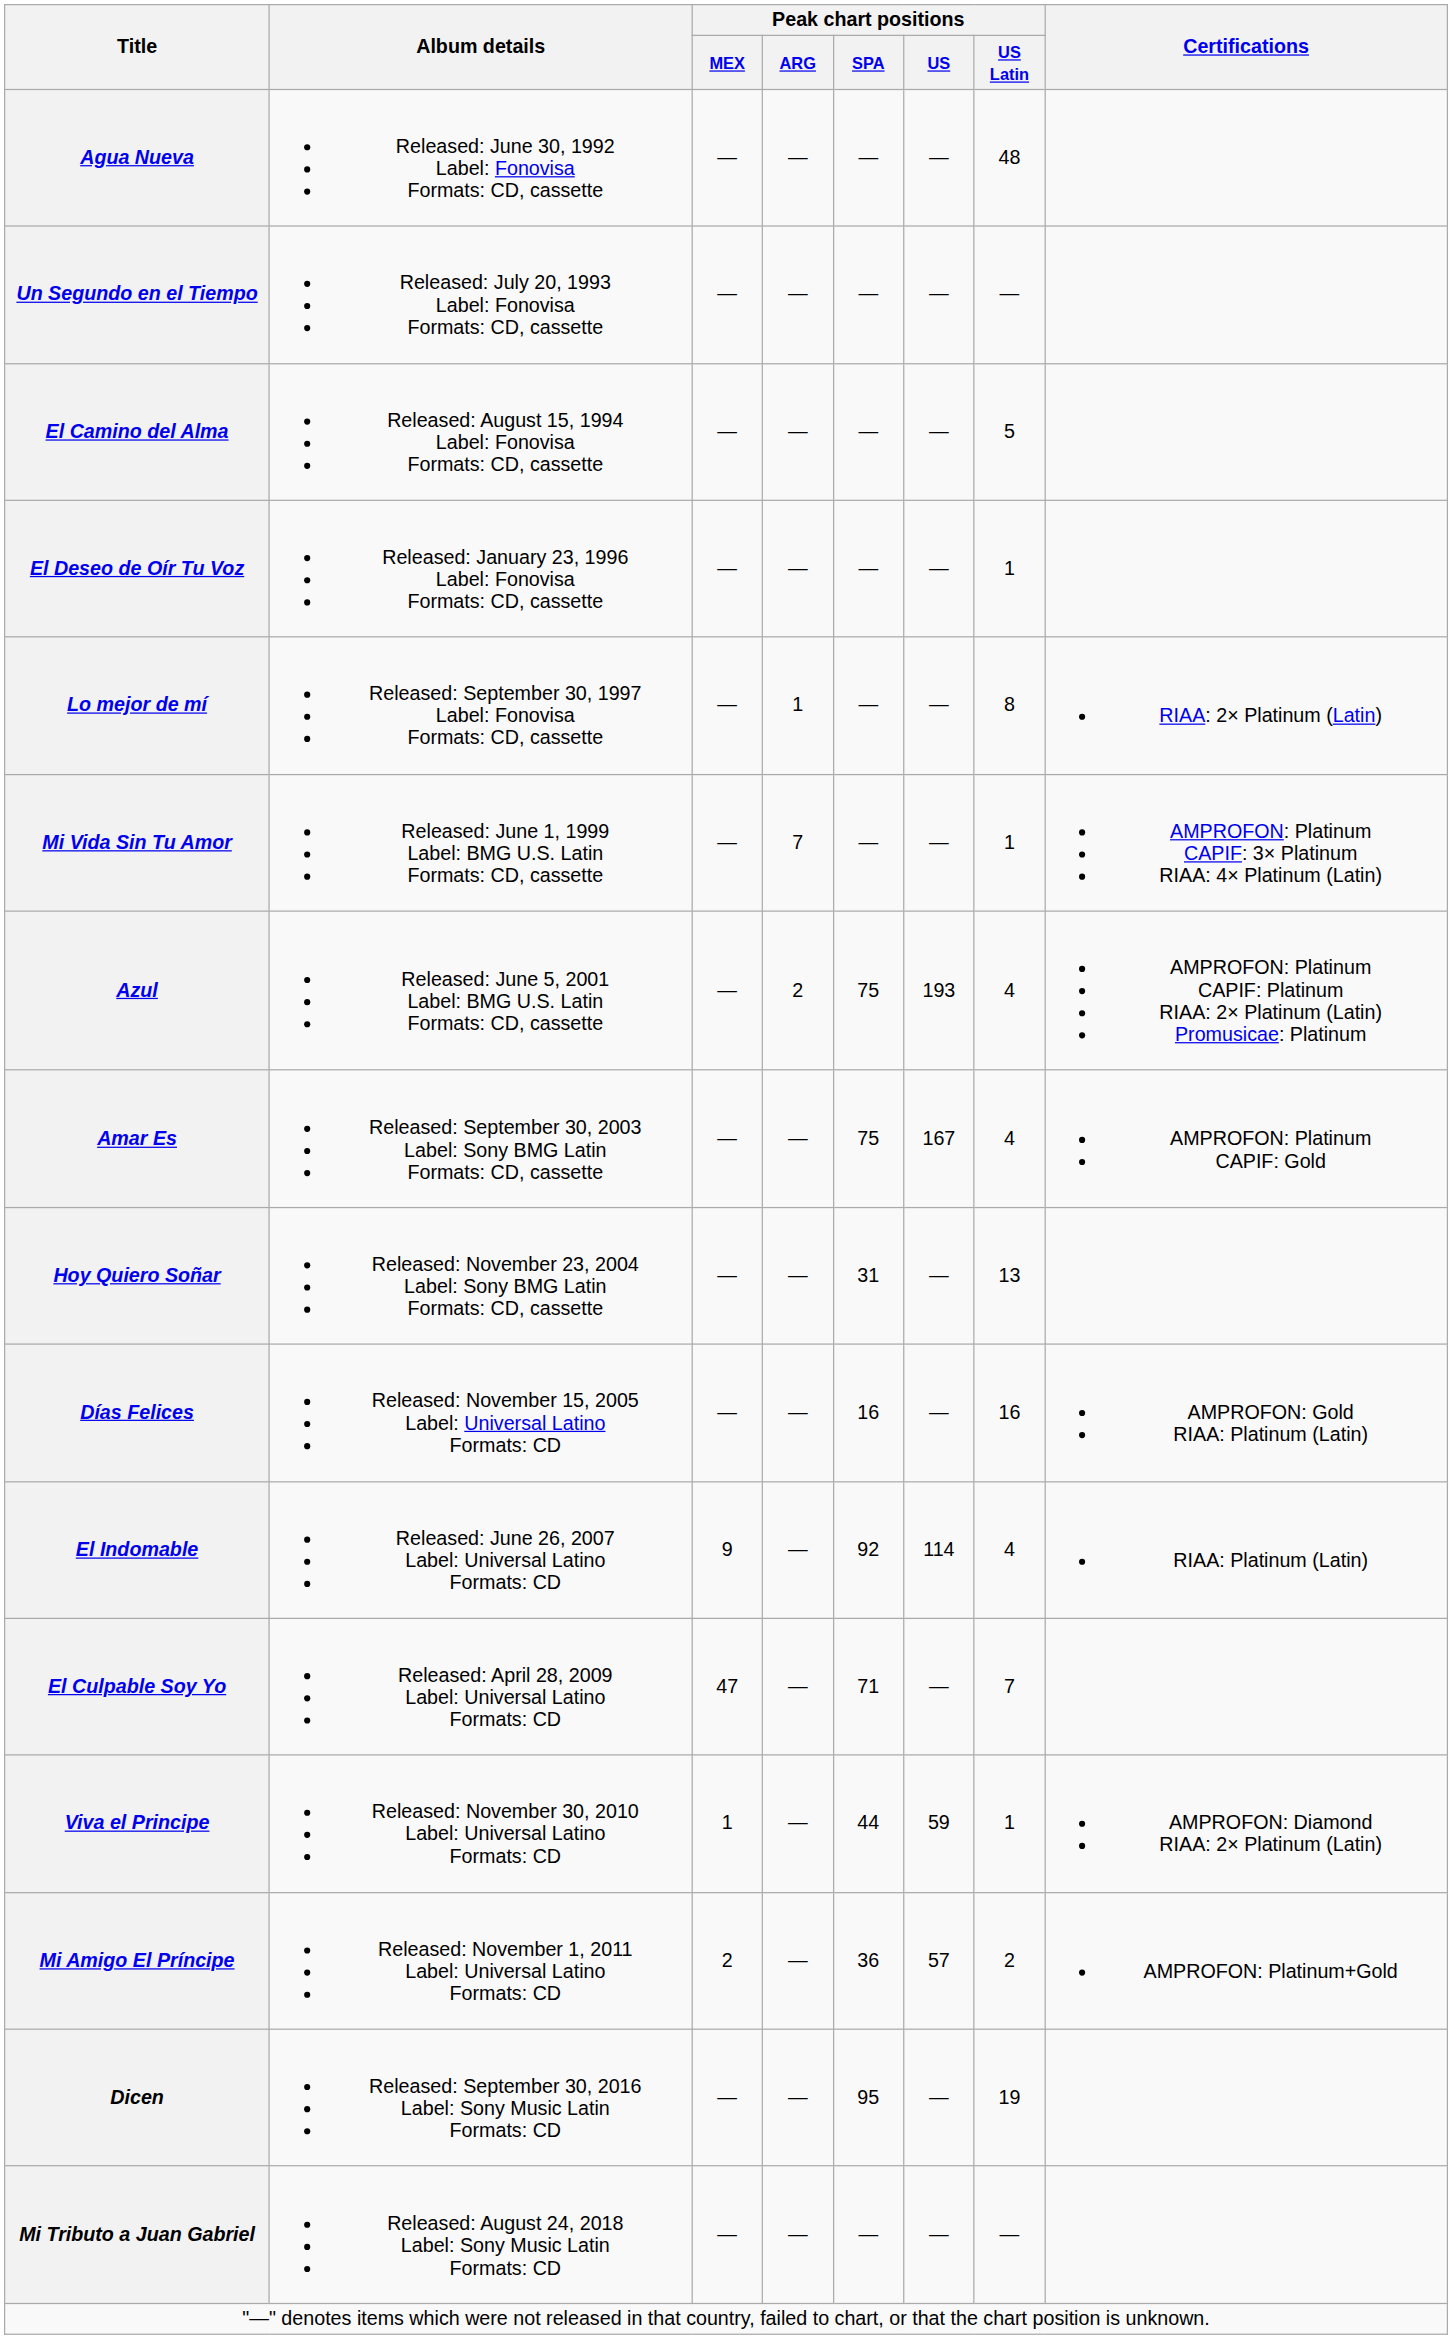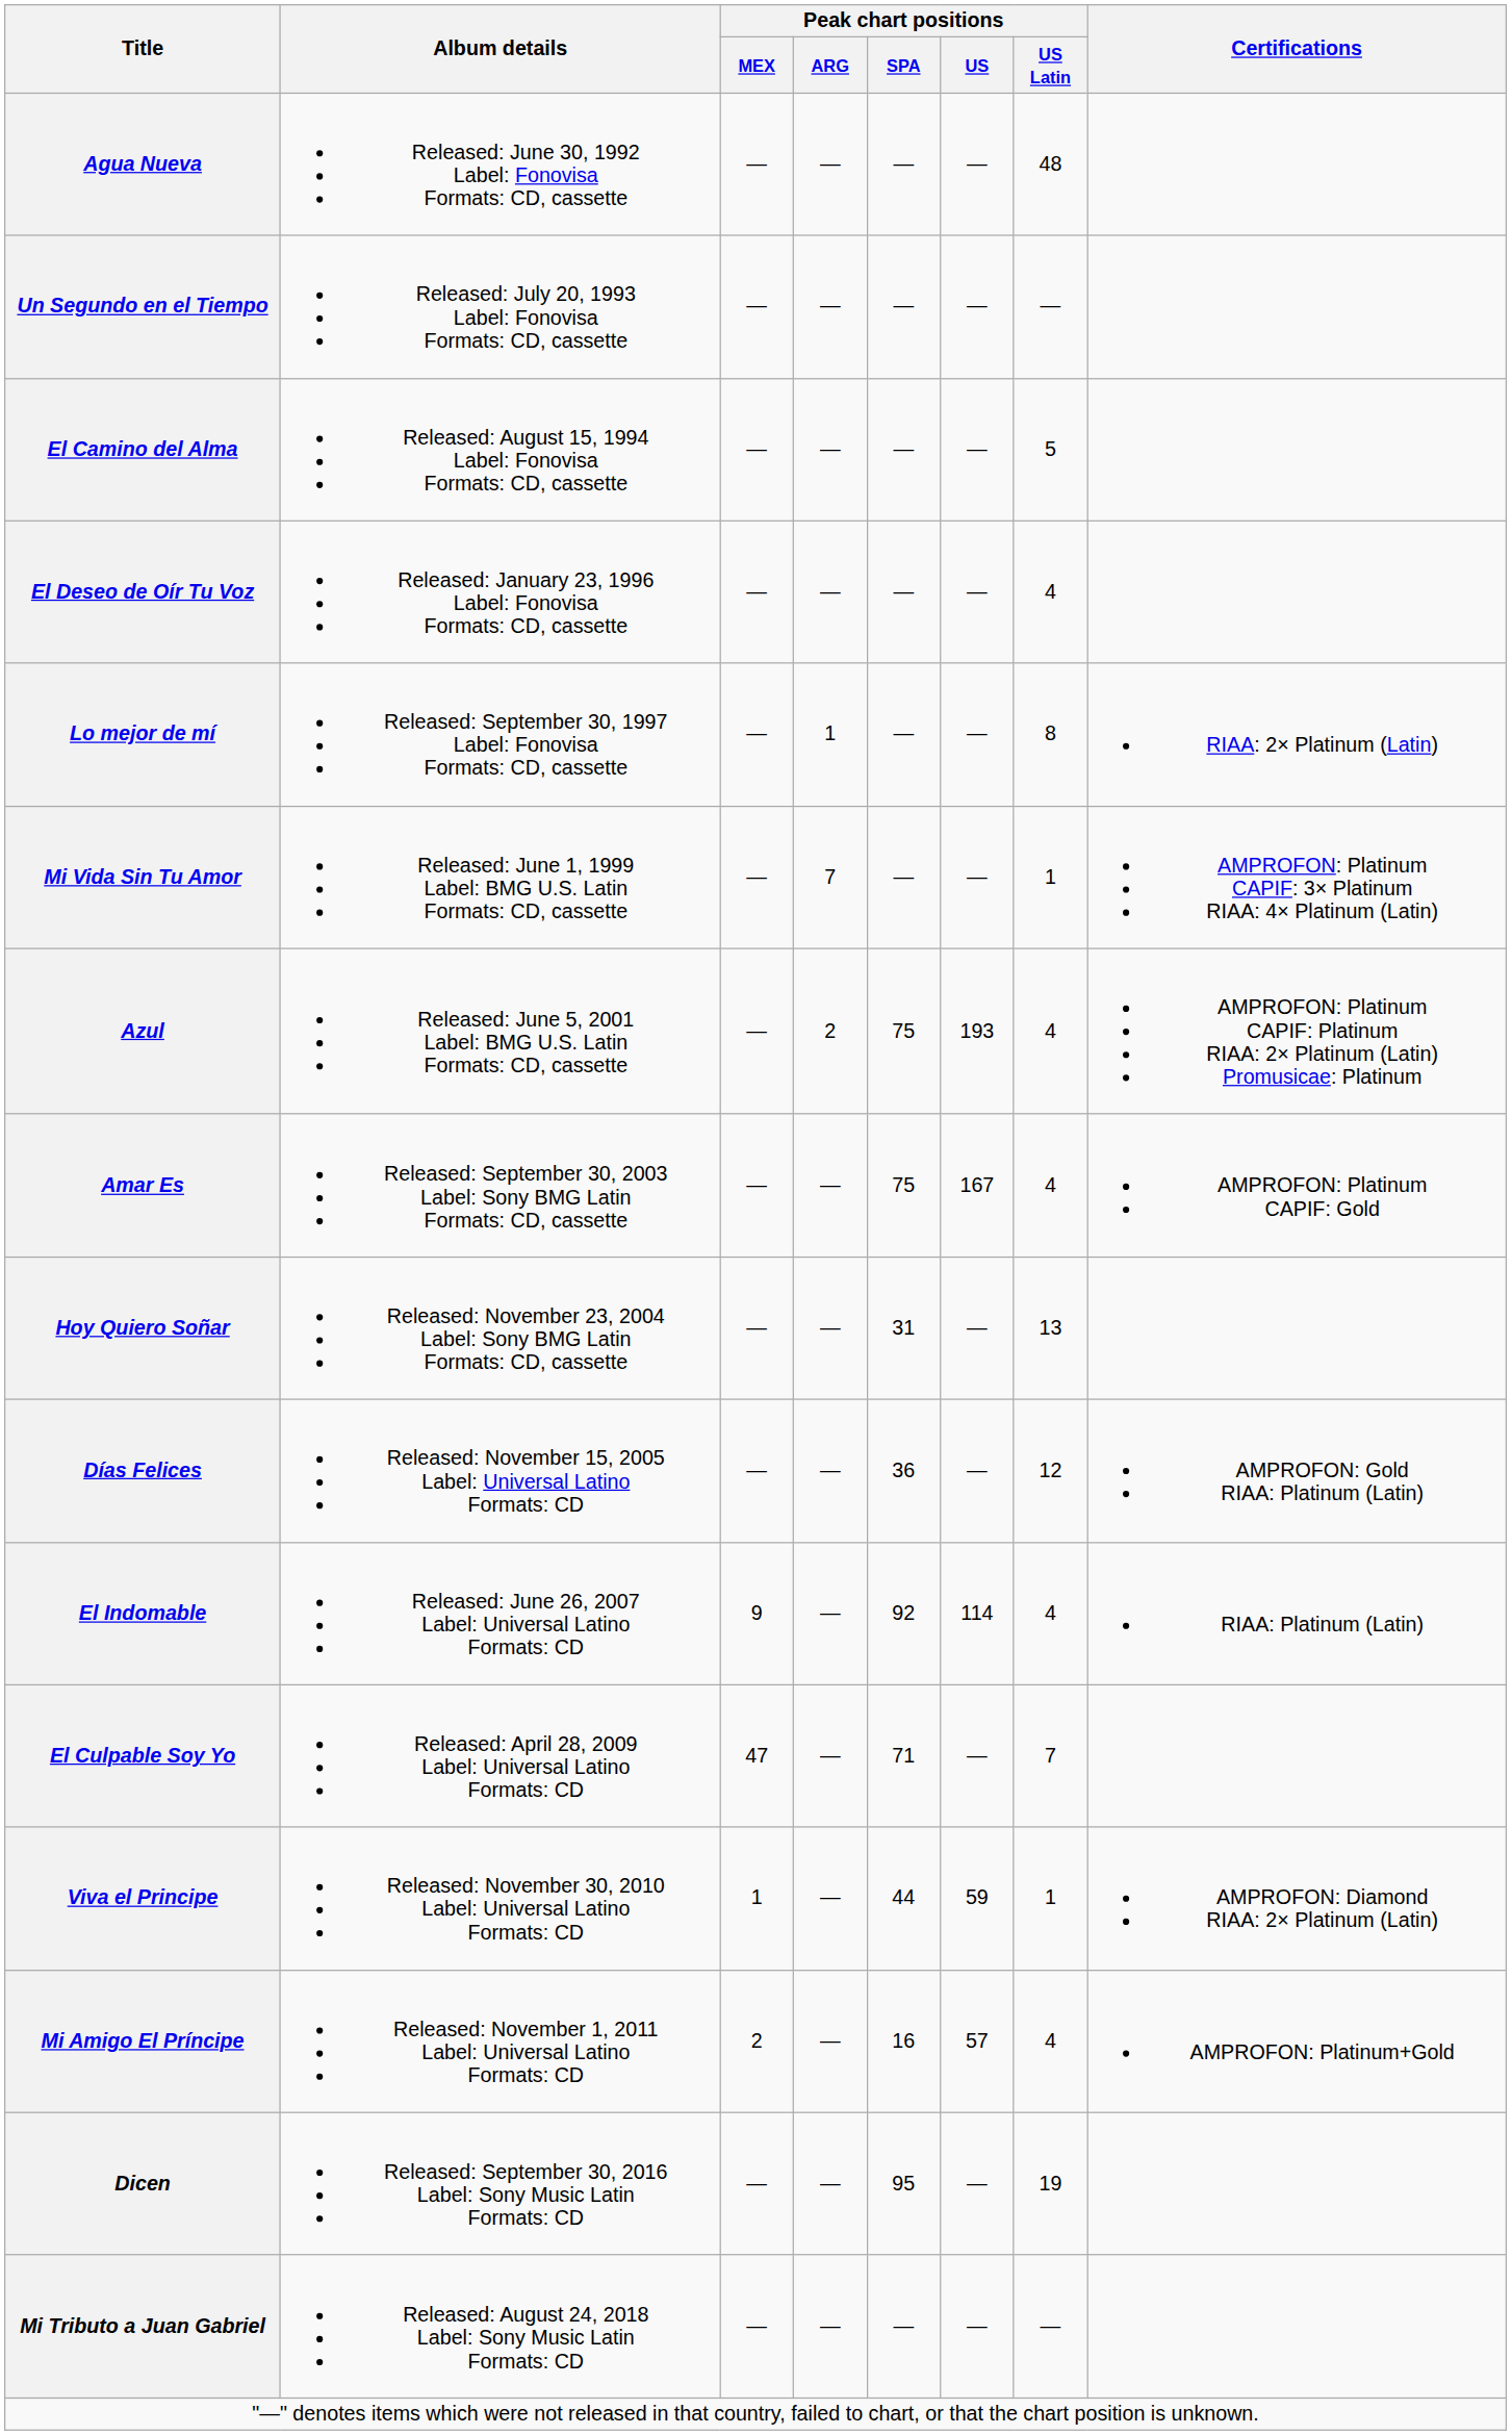 <table class="wikitable plainrowheaders" style="text-align:center;">
 <tr>
 <th scope="col" rowspan="2" style="width:13em;">Title</th>
 <th scope="col" rowspan="2" style="width:21em;">Album details</th>
 <th scope="col" colspan="5"style="width:9em;">Peak chart positions</th>
 <th scope="col" rowspan="2" style="width:20em;"><a href='#'>Certifications</a></th>
 </tr>
 <tr>
 <th width="50"><small><a href='#'>MEX</a></small></th>
 <th width="50"><small><a href='#'>ARG</a></small></th>
 <th width="50"><small><a href='#'>SPA</a></small></th>
 <th width="50"><small><a href='#'>US</a></small></th>
 <th width="50"><small><a href='#'>US Latin</a></small></th>
 </tr>
 <tr>
 <th scope="row"><em><a href='#'>Agua Nueva</a></em></th>
 <td><br><ul><li>Released: June 30, 1992</li><li>Label: <a href='#'>Fonovisa</a></li><li>Formats: CD, cassette</li></ul></td>
 <td>—</td>
 <td>—</td>
 <td>—</td>
 <td>—</td>
 <td>48</td>
 <td></td>
 </tr>
 <tr>
 <th scope="row"><em><a href='#'>Un Segundo en el Tiempo</a></em></th>
 <td><br><ul><li>Released: July 20, 1993</li><li>Label: Fonovisa</li><li>Formats: CD, cassette</li></ul></td>
 <td>—</td>
 <td>—</td>
 <td>—</td>
 <td>—</td>
 <td>—</td>
 <td></td>
 </tr>
 <tr>
 <th scope="row"><em><a href='#'>El Camino del Alma</a></em></th>
 <td><br><ul><li>Released: August 15, 1994</li><li>Label: Fonovisa</li><li>Formats: CD, cassette</li></ul></td>
 <td>—</td>
 <td>—</td>
 <td>—</td>
 <td>—</td>
 <td>5</td>
 <td></td>
 </tr>
 <tr>
 <th scope="row"><em><a href='#'>El Deseo de Oír Tu Voz</a></em></th>
 <td><br><ul><li>Released: January 23, 1996</li><li>Label: Fonovisa</li><li>Formats: CD, cassette</li></ul></td>
 <td>—</td>
 <td>—</td>
 <td>—</td>
 <td>—</td>
-<td>1</td>
+<td>4</td>
 <td></td>
 </tr>
 <tr>
 <th scope="row"><em><a href='#'>Lo mejor de mí</a></em></th>
 <td><br><ul><li>Released: September 30, 1997</li><li>Label: Fonovisa</li><li>Formats: CD, cassette</li></ul></td>
 <td>—</td>
 <td>1</td>
 <td>—</td>
 <td>—</td>
 <td>8</td>
 <td><br><ul><li><a href='#'>RIAA</a>:  2× Platinum (<a href='#'>Latin</a>)</li></ul></td>
 </tr>
 <tr>
 <th scope="row"><em><a href='#'>Mi Vida Sin Tu Amor</a></em></th>
 <td><br><ul><li>Released: June 1, 1999</li><li>Label: BMG U.S. Latin</li><li>Formats: CD, cassette</li></ul></td>
 <td>—</td>
 <td>7</td>
 <td>—</td>
 <td>—</td>
 <td>1</td>
 <td><br><ul><li><a href='#'>AMPROFON</a>: Platinum</li><li><a href='#'>CAPIF</a>: 3× Platinum</li><li>RIAA:  4× Platinum (Latin)</li></ul></td>
 </tr>
 <tr>
 <th scope="row"><em><a href='#'>Azul</a></em></th>
 <td><br><ul><li>Released: June 5, 2001</li><li>Label: BMG U.S. Latin</li><li>Formats: CD, cassette</li></ul></td>
 <td>—</td>
 <td>2</td>
 <td>75</td>
 <td>193</td>
 <td>4</td>
 <td><br><ul><li>AMPROFON: Platinum</li><li>CAPIF: Platinum</li><li>RIAA:  2× Platinum (Latin)</li><li><a href='#'>Promusicae</a>: Platinum</li></ul></td>
 </tr>
 <tr>
 <th scope="row"><em><a href='#'>Amar Es</a></em></th>
 <td><br><ul><li>Released: September 30, 2003</li><li>Label: Sony BMG Latin</li><li>Formats: CD, cassette</li></ul></td>
 <td>—</td>
 <td>—</td>
 <td>75</td>
 <td>167</td>
 <td>4</td>
 <td><br><ul><li>AMPROFON: Platinum</li><li>CAPIF: Gold</li></ul></td>
 </tr>
 <tr>
 <th scope="row"><em><a href='#'>Hoy Quiero Soñar</a></em></th>
 <td><br><ul><li>Released: November 23, 2004</li><li>Label: Sony BMG Latin</li><li>Formats: CD, cassette</li></ul></td>
 <td>—</td>
 <td>—</td>
 <td>31</td>
 <td>—</td>
 <td>13</td>
 <td></td>
 </tr>
 <tr>
 <th scope="row"><em><a href='#'>Días Felices</a></em></th>
 <td><br><ul><li>Released: November 15, 2005</li><li>Label: <a href='#'>Universal Latino</a></li><li>Formats: CD</li></ul></td>
 <td>—</td>
 <td>—</td>
-<td>16</td>
+<td>36</td>
 <td>—</td>
-<td>16</td>
+<td>12</td>
 <td><br><ul><li>AMPROFON: Gold</li><li>RIAA: Platinum (Latin)</li></ul></td>
 </tr>
 <tr>
 <th scope="row"><em><a href='#'>El Indomable</a></em></th>
 <td><br><ul><li>Released: June 26, 2007</li><li>Label: Universal Latino</li><li>Formats: CD</li></ul></td>
 <td>9</td>
 <td>—</td>
 <td>92</td>
 <td>114</td>
 <td>4</td>
 <td><br><ul><li>RIAA: Platinum (Latin)</li></ul></td>
 </tr>
 <tr>
 <th scope="row"><em><a href='#'>El Culpable Soy Yo</a></em></th>
 <td><br><ul><li>Released: April 28, 2009</li><li>Label: Universal Latino</li><li>Formats: CD</li></ul></td>
 <td>47</td>
 <td>—</td>
 <td>71</td>
 <td>—</td>
 <td>7</td>
 <td></td>
 </tr>
 <tr>
 <th scope="row"><em><a href='#'>Viva el Principe</a></em></th>
 <td><br><ul><li>Released: November 30, 2010</li><li>Label: Universal Latino</li><li>Formats: CD</li></ul></td>
 <td>1</td>
 <td>—</td>
 <td>44</td>
 <td>59</td>
 <td>1</td>
 <td><br><ul><li>AMPROFON: Diamond</li><li>RIAA: 2× Platinum (Latin)</li></ul></td>
 </tr>
 <tr>
 <th scope="row"><em><a href='#'>Mi Amigo El Príncipe</a></em></th>
 <td><br><ul><li>Released: November 1, 2011</li><li>Label: Universal Latino</li><li>Formats: CD</li></ul></td>
 <td>2</td>
 <td>—</td>
-<td>36</td>
+<td>16</td>
 <td>57</td>
-<td>2</td>
+<td>4</td>
 <td><br><ul><li>AMPROFON: Platinum+Gold</li></ul></td>
 </tr>
 <tr>
 <th scope="row"><em>Dicen</em></th>
 <td><br><ul><li>Released: September 30, 2016</li><li>Label: Sony Music Latin</li><li>Formats: CD</li></ul></td>
 <td>—</td>
 <td>—</td>
 <td>95<br></td>
 <td>—</td>
 <td>19</td>
 <td></td>
 </tr>
 <tr>
 <th scope="row"><em>Mi Tributo a Juan Gabriel</em></th>
 <td><br><ul><li>Released: August 24, 2018</li><li>Label: Sony Music Latin</li><li>Formats: CD</li></ul></td>
 <td>—</td>
 <td>—</td>
 <td>—</td>
 <td>—</td>
 <td>—</td>
 <td></td>
 </tr>
 <tr>
 <td colspan="14" style="font—size:90%">"—" denotes items which were not released in that country, failed to chart, or that the chart position is unknown.</td>
 </tr>
 </table>
